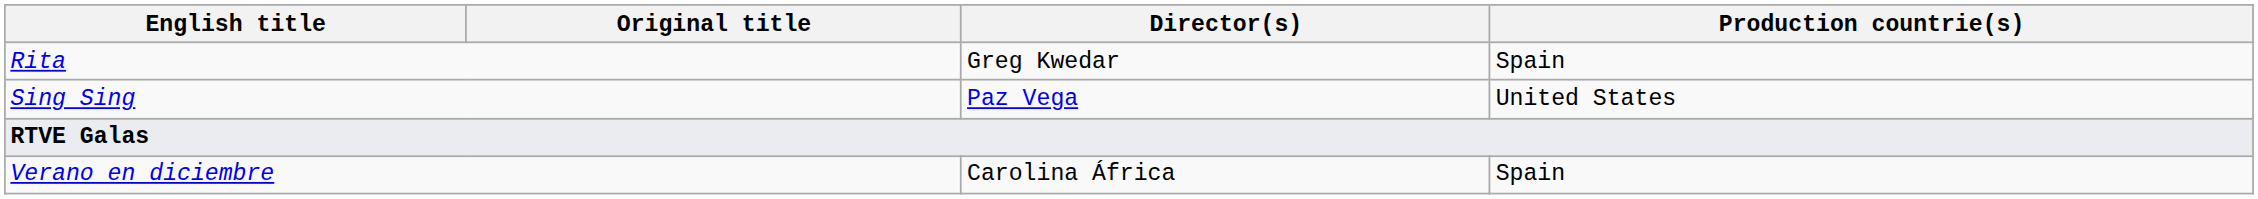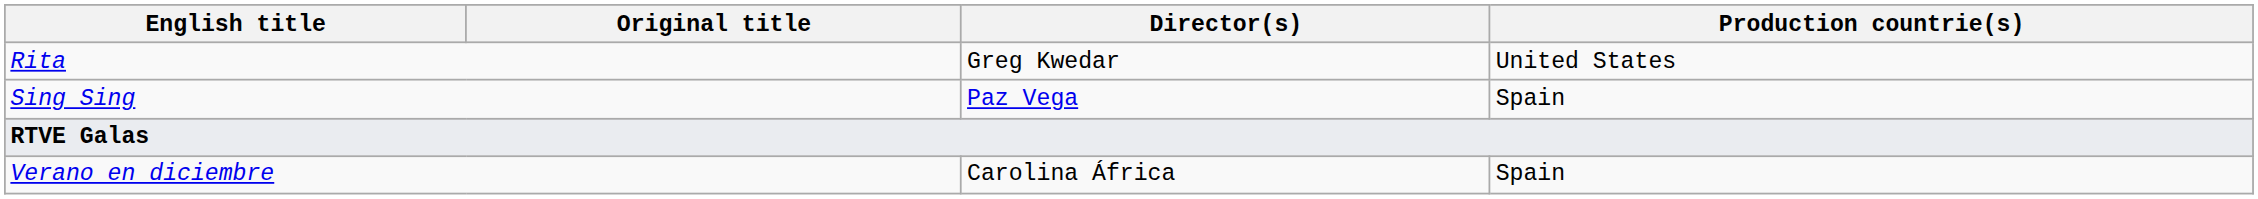 <table class="sortable wikitable" style="width:100%; margin-bottom:4px" cellpadding="5">
 <tr>
 <th scope="col">English title</th>
 <th scope="col">Original title</th>
 <th scope="col">Director(s)</th>
 <th scope="col">Production countrie(s)</th>
 </tr>
 <tr>
 <td colspan="2"><em><a href='#'>Rita</a></em></td>
 <td>Greg Kwedar</td>
-<td>Spain</td>
+<td>United States</td>
 </tr>
 <tr>
 <td colspan = "2"><em><a href='#'>Sing Sing</a></em></td>
 <td><a href='#'>Paz Vega</a></td>
-<td>United States</td>
+<td>Spain</td>
 </tr>
 <tr>
 <td colspan=4 class="center" style="padding-center:120px; background-color:#EAECF0"><strong>RTVE Galas</strong></td>
 </tr>
 <tr>
 <td colspan = "2"><em><a href='#'>Verano en diciembre</a></em></td>
 <td>Carolina África</td>
 <td>Spain</td>
 </tr>
 </table>
